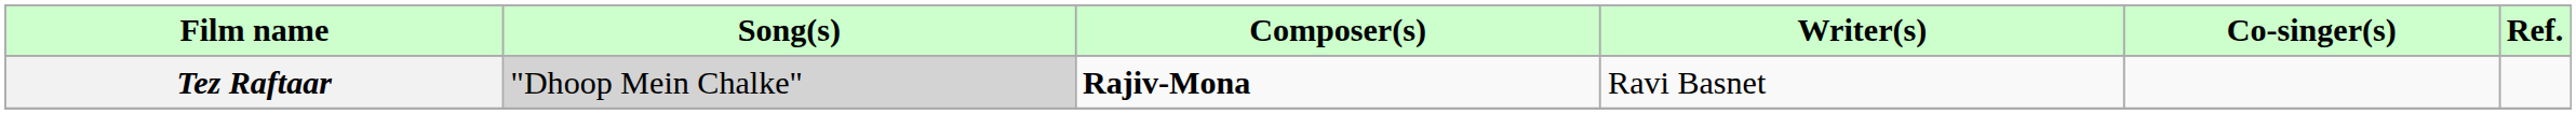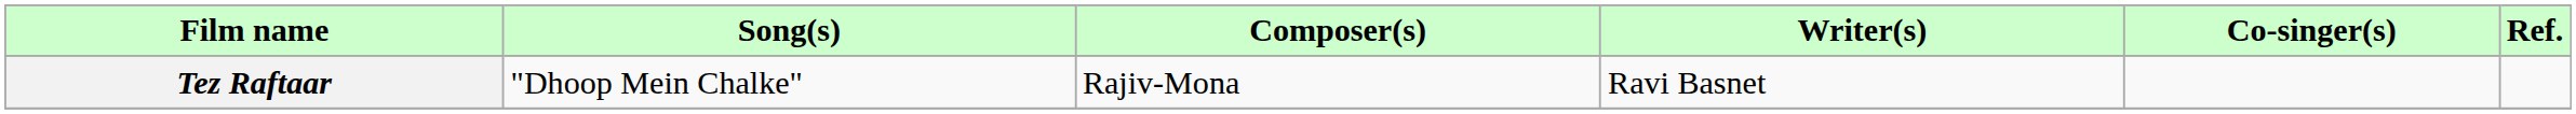 <table class="wikitable plainrowheaders" style="width:100%;" textcolor:#000;">
 <tr style="background:#cfc; text-align:center;">
 <td scope="col" style="width:20%;"><strong>Film name</strong></td>
 <td scope="col" style="width:23%;"><strong>Song(s)</strong></td>
 <td scope="col" style="width:21%;"><strong>Composer(s)</strong></td>
 <td scope="col" style="width:21%;"><strong>Writer(s)</strong></td>
 <td scope="col" style="width:18%;"><strong>Co-singer(s)</strong></td>
 <td scope="col" style="width:1%;"><strong>Ref.</strong></td>
 </tr>
 <tr>
 <th><em>Tez Raftaar</em></th>
-<td style="background: lightgrey;">"Dhoop Mein Chalke"</td>
-<td><strong>Rajiv-Mona</strong></td>
+<td>"Dhoop Mein Chalke"</td>
+<td>Rajiv-Mona</td>
 <td>Ravi Basnet</td>
 <td></td>
 <td></td>
 </tr>
 <tr>
 </tr>
 </table>
